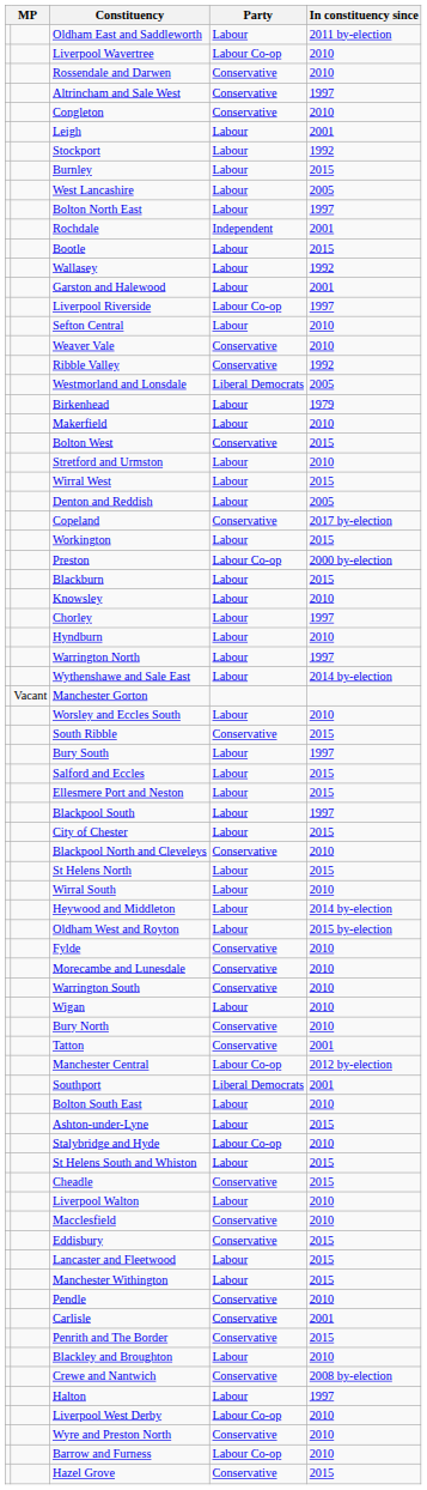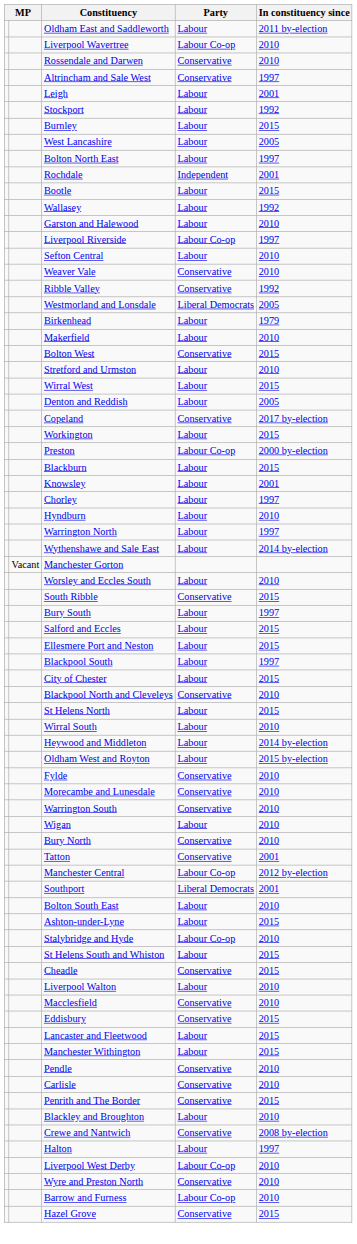 <table class="wikitable sortable">
 <tr>
 <th colspan=2>MP</th>
 <th>Constituency</th>
 <th>Party</th>
 <th>In constituency since</th>
 </tr>
 <tr>
 <td style="background-color: "></td>
 <td></td>
 <td><a href='#'>Oldham East and Saddleworth</a></td>
 <td><a href='#'>Labour</a></td>
 <td><a href='#'>2011 by-election</a></td>
 </tr>
 <tr>
 <td style="background-color: "></td>
 <td></td>
 <td><a href='#'>Liverpool Wavertree</a></td>
 <td><a href='#'>Labour Co-op</a></td>
 <td><a href='#'>2010</a></td>
 </tr>
 <tr>
 <td style="background-color: "></td>
 <td></td>
 <td><a href='#'>Rossendale and Darwen</a></td>
 <td><a href='#'>Conservative</a></td>
 <td><a href='#'>2010</a></td>
 </tr>
 <tr>
 <td style="background-color: "></td>
 <td></td>
 <td><a href='#'>Altrincham and Sale West</a></td>
 <td><a href='#'>Conservative</a></td>
 <td><a href='#'>1997</a></td>
-</tr>
-<tr>
-<td style="background-color: "></td>
-<td></td>
-<td><a href='#'>Congleton</a></td>
-<td><a href='#'>Conservative</a></td>
-<td><a href='#'>2010</a></td>
 </tr>
 <tr>
 <td style="background-color: "></td>
 <td></td>
 <td><a href='#'>Leigh</a></td>
 <td><a href='#'>Labour</a></td>
 <td><a href='#'>2001</a></td>
 </tr>
 <tr>
 <td style="background-color: "></td>
 <td></td>
 <td><a href='#'>Stockport</a></td>
 <td><a href='#'>Labour</a></td>
 <td><a href='#'>1992</a></td>
 </tr>
 <tr>
 <td style="background-color: "></td>
 <td></td>
 <td><a href='#'>Burnley</a></td>
 <td><a href='#'>Labour</a></td>
 <td><a href='#'>2015</a></td>
 </tr>
 <tr>
 <td style="background-color: "></td>
 <td></td>
 <td><a href='#'>West Lancashire</a></td>
 <td><a href='#'>Labour</a></td>
 <td><a href='#'>2005</a></td>
 </tr>
 <tr>
 <td style="background-color: "></td>
 <td></td>
 <td><a href='#'>Bolton North East</a></td>
 <td><a href='#'>Labour</a></td>
 <td><a href='#'>1997</a></td>
 </tr>
 <tr>
 <td style="background-color: "></td>
 <td></td>
 <td><a href='#'>Rochdale</a></td>
 <td><a href='#'>Independent</a></td>
 <td><a href='#'>2001</a></td>
 </tr>
 <tr>
 <td style="background-color: "></td>
 <td></td>
 <td><a href='#'>Bootle</a></td>
 <td><a href='#'>Labour</a></td>
 <td><a href='#'>2015</a></td>
 </tr>
 <tr>
 <td style="background-color: "></td>
 <td></td>
 <td><a href='#'>Wallasey</a></td>
 <td><a href='#'>Labour</a></td>
 <td><a href='#'>1992</a></td>
 </tr>
 <tr>
 <td style="background-color: "></td>
 <td></td>
 <td><a href='#'>Garston and Halewood</a></td>
 <td><a href='#'>Labour</a></td>
-<td><a href='#'>2001</a></td>
+<td><a href='#'>2010</a></td>
 </tr>
 <tr>
 <td style="background-color: "></td>
 <td></td>
 <td><a href='#'>Liverpool Riverside</a></td>
 <td><a href='#'>Labour Co-op</a></td>
 <td><a href='#'>1997</a></td>
 </tr>
 <tr>
 <td style="background-color: "></td>
 <td></td>
 <td><a href='#'>Sefton Central</a></td>
 <td><a href='#'>Labour</a></td>
 <td><a href='#'>2010</a></td>
 </tr>
 <tr>
 <td style="background-color: "></td>
 <td></td>
 <td><a href='#'>Weaver Vale</a></td>
 <td><a href='#'>Conservative</a></td>
 <td><a href='#'>2010</a></td>
 </tr>
 <tr>
 <td style="background-color: "></td>
 <td></td>
 <td><a href='#'>Ribble Valley</a></td>
 <td><a href='#'>Conservative</a></td>
 <td><a href='#'>1992</a></td>
 </tr>
 <tr>
 <td style="background-color: "></td>
 <td></td>
 <td><a href='#'>Westmorland and Lonsdale</a></td>
 <td><a href='#'>Liberal Democrats</a></td>
 <td><a href='#'>2005</a></td>
 </tr>
 <tr>
 <td style="background-color: "></td>
 <td></td>
 <td><a href='#'>Birkenhead</a></td>
 <td><a href='#'>Labour</a></td>
 <td><a href='#'>1979</a></td>
 </tr>
 <tr>
 <td style="background-color: "></td>
 <td></td>
 <td><a href='#'>Makerfield</a></td>
 <td><a href='#'>Labour</a></td>
 <td><a href='#'>2010</a></td>
 </tr>
 <tr>
 <td style="background-color: "></td>
 <td></td>
 <td><a href='#'>Bolton West</a></td>
 <td><a href='#'>Conservative</a></td>
 <td><a href='#'>2015</a></td>
 </tr>
 <tr>
 <td style="background-color: "></td>
 <td></td>
 <td><a href='#'>Stretford and Urmston</a></td>
 <td><a href='#'>Labour</a></td>
 <td><a href='#'>2010</a></td>
 </tr>
 <tr>
 <td style="background-color: "></td>
 <td></td>
 <td><a href='#'>Wirral West</a></td>
 <td><a href='#'>Labour</a></td>
 <td><a href='#'>2015</a></td>
 </tr>
 <tr>
 <td style="background-color: "></td>
 <td></td>
 <td><a href='#'>Denton and Reddish</a></td>
 <td><a href='#'>Labour</a></td>
 <td><a href='#'>2005</a></td>
 </tr>
 <tr>
 <td style="background-color: "></td>
 <td></td>
 <td><a href='#'>Copeland</a></td>
 <td><a href='#'>Conservative</a></td>
 <td><a href='#'>2017 by-election</a></td>
 </tr>
 <tr>
 <td style="background-color: "></td>
 <td></td>
 <td><a href='#'>Workington</a></td>
 <td><a href='#'>Labour</a></td>
 <td><a href='#'>2015</a></td>
 </tr>
 <tr>
 <td style="background-color: "></td>
 <td></td>
 <td><a href='#'>Preston</a></td>
 <td><a href='#'>Labour Co-op</a></td>
 <td><a href='#'>2000 by-election</a></td>
 </tr>
 <tr>
 <td style="background-color: "></td>
 <td></td>
 <td><a href='#'>Blackburn</a></td>
 <td><a href='#'>Labour</a></td>
 <td><a href='#'>2015</a></td>
 </tr>
 <tr>
 <td style="background-color: "></td>
 <td></td>
 <td><a href='#'>Knowsley</a></td>
 <td><a href='#'>Labour</a></td>
-<td><a href='#'>2010</a></td>
+<td><a href='#'>2001</a></td>
 </tr>
 <tr>
 <td style="background-color: "></td>
 <td></td>
 <td><a href='#'>Chorley</a></td>
 <td><a href='#'>Labour</a></td>
 <td><a href='#'>1997</a></td>
 </tr>
 <tr>
 <td style="background-color: "></td>
 <td></td>
 <td><a href='#'>Hyndburn</a></td>
 <td><a href='#'>Labour</a></td>
 <td><a href='#'>2010</a></td>
 </tr>
 <tr>
 <td style="background-color: "></td>
 <td></td>
 <td><a href='#'>Warrington North</a></td>
 <td><a href='#'>Labour</a></td>
 <td><a href='#'>1997</a></td>
 </tr>
 <tr>
 <td style="background-color: "></td>
 <td></td>
 <td><a href='#'>Wythenshawe and Sale East</a></td>
 <td><a href='#'>Labour</a></td>
 <td><a href='#'>2014 by-election</a></td>
 </tr>
 <tr>
 <td></td>
 <td>Vacant</td>
 <td><a href='#'>Manchester Gorton</a></td>
 <td></td>
 <td></td>
 </tr>
 <tr>
 <td style="background-color: "></td>
 <td></td>
 <td><a href='#'>Worsley and Eccles South</a></td>
 <td><a href='#'>Labour</a></td>
 <td><a href='#'>2010</a></td>
 </tr>
 <tr>
 <td style="background-color: "></td>
 <td></td>
 <td><a href='#'>South Ribble</a></td>
 <td><a href='#'>Conservative</a></td>
 <td><a href='#'>2015</a></td>
 </tr>
 <tr>
 <td style="background-color: "></td>
 <td></td>
 <td><a href='#'>Bury South</a></td>
 <td><a href='#'>Labour</a></td>
 <td><a href='#'>1997</a></td>
 </tr>
 <tr>
 <td style="background-color: "></td>
 <td></td>
 <td><a href='#'>Salford and Eccles</a></td>
 <td><a href='#'>Labour</a></td>
 <td><a href='#'>2015</a></td>
 </tr>
 <tr>
 <td style="background-color: "></td>
 <td></td>
 <td><a href='#'>Ellesmere Port and Neston</a></td>
 <td><a href='#'>Labour</a></td>
 <td><a href='#'>2015</a></td>
 </tr>
 <tr>
 <td style="background-color: "></td>
 <td></td>
 <td><a href='#'>Blackpool South</a></td>
 <td><a href='#'>Labour</a></td>
 <td><a href='#'>1997</a></td>
 </tr>
 <tr>
 <td style="background-color: "></td>
 <td></td>
 <td><a href='#'>City of Chester</a></td>
 <td><a href='#'>Labour</a></td>
 <td><a href='#'>2015</a></td>
 </tr>
 <tr>
 <td style="background-color: "></td>
 <td></td>
 <td><a href='#'>Blackpool North and Cleveleys</a></td>
 <td><a href='#'>Conservative</a></td>
 <td><a href='#'>2010</a></td>
 </tr>
 <tr>
 <td style="background-color: "></td>
 <td></td>
 <td><a href='#'>St Helens North</a></td>
 <td><a href='#'>Labour</a></td>
 <td><a href='#'>2015</a></td>
 </tr>
 <tr>
 <td style="background-color: "></td>
 <td></td>
 <td><a href='#'>Wirral South</a></td>
 <td><a href='#'>Labour</a></td>
 <td><a href='#'>2010</a></td>
 </tr>
 <tr>
 <td style="background-color: "></td>
 <td></td>
 <td><a href='#'>Heywood and Middleton</a></td>
 <td><a href='#'>Labour</a></td>
 <td><a href='#'>2014 by-election</a></td>
 </tr>
 <tr>
 <td style="background-color: "></td>
 <td></td>
 <td><a href='#'>Oldham West and Royton</a></td>
 <td><a href='#'>Labour</a></td>
 <td><a href='#'>2015 by-election</a></td>
 </tr>
 <tr>
 <td style="background-color: "></td>
 <td></td>
 <td><a href='#'>Fylde</a></td>
 <td><a href='#'>Conservative</a></td>
 <td><a href='#'>2010</a></td>
 </tr>
 <tr>
 <td style="background-color: "></td>
 <td></td>
 <td><a href='#'>Morecambe and Lunesdale</a></td>
 <td><a href='#'>Conservative</a></td>
 <td><a href='#'>2010</a></td>
 </tr>
 <tr>
 <td style="background-color: "></td>
 <td></td>
 <td><a href='#'>Warrington South</a></td>
 <td><a href='#'>Conservative</a></td>
 <td><a href='#'>2010</a></td>
 </tr>
 <tr>
 <td style="background-color: "></td>
 <td></td>
 <td><a href='#'>Wigan</a></td>
 <td><a href='#'>Labour</a></td>
 <td><a href='#'>2010</a></td>
 </tr>
 <tr>
 <td style="background-color: "></td>
 <td></td>
 <td><a href='#'>Bury North</a></td>
 <td><a href='#'>Conservative</a></td>
 <td><a href='#'>2010</a></td>
 </tr>
 <tr>
 <td style="background-color: "></td>
 <td></td>
 <td><a href='#'>Tatton</a></td>
 <td><a href='#'>Conservative</a></td>
 <td><a href='#'>2001</a></td>
 </tr>
 <tr>
 <td style="background-color: "></td>
 <td></td>
 <td><a href='#'>Manchester Central</a></td>
 <td><a href='#'>Labour Co-op</a></td>
 <td><a href='#'>2012 by-election</a></td>
 </tr>
 <tr>
 <td style="background-color: "></td>
 <td></td>
 <td><a href='#'>Southport</a></td>
 <td><a href='#'>Liberal Democrats</a></td>
 <td><a href='#'>2001</a></td>
 </tr>
 <tr>
 <td style="background-color: "></td>
 <td></td>
 <td><a href='#'>Bolton South East</a></td>
 <td><a href='#'>Labour</a></td>
 <td><a href='#'>2010</a></td>
 </tr>
 <tr>
 <td style="background-color: "></td>
 <td></td>
 <td><a href='#'>Ashton-under-Lyne</a></td>
 <td><a href='#'>Labour</a></td>
 <td><a href='#'>2015</a></td>
 </tr>
 <tr>
 <td style="background-color: "></td>
 <td></td>
 <td><a href='#'>Stalybridge and Hyde</a></td>
 <td><a href='#'>Labour Co-op</a></td>
 <td><a href='#'>2010</a></td>
 </tr>
 <tr>
 <td style="background-color: "></td>
 <td></td>
 <td><a href='#'>St Helens South and Whiston</a></td>
 <td><a href='#'>Labour</a></td>
 <td><a href='#'>2015</a></td>
 </tr>
 <tr>
 <td style="background-color: "></td>
 <td></td>
 <td><a href='#'>Cheadle</a></td>
 <td><a href='#'>Conservative</a></td>
 <td><a href='#'>2015</a></td>
 </tr>
 <tr>
 <td style="background-color: "></td>
 <td></td>
 <td><a href='#'>Liverpool Walton</a></td>
 <td><a href='#'>Labour</a></td>
 <td><a href='#'>2010</a></td>
 </tr>
 <tr>
 <td style="background-color: "></td>
 <td></td>
 <td><a href='#'>Macclesfield</a></td>
 <td><a href='#'>Conservative</a></td>
 <td><a href='#'>2010</a></td>
 </tr>
 <tr>
 <td style="background-color: "></td>
 <td></td>
 <td><a href='#'>Eddisbury</a></td>
 <td><a href='#'>Conservative</a></td>
 <td><a href='#'>2015</a></td>
 </tr>
 <tr>
 <td style="background-color: "></td>
 <td></td>
 <td><a href='#'>Lancaster and Fleetwood</a></td>
 <td><a href='#'>Labour</a></td>
 <td><a href='#'>2015</a></td>
 </tr>
 <tr>
 <td style="background-color: "></td>
 <td></td>
 <td><a href='#'>Manchester Withington</a></td>
 <td><a href='#'>Labour</a></td>
 <td><a href='#'>2015</a></td>
 </tr>
 <tr>
 <td style="background-color: "></td>
 <td></td>
 <td><a href='#'>Pendle</a></td>
 <td><a href='#'>Conservative</a></td>
 <td><a href='#'>2010</a></td>
 </tr>
 <tr>
 <td style="background-color: "></td>
 <td></td>
 <td><a href='#'>Carlisle</a></td>
 <td><a href='#'>Conservative</a></td>
-<td><a href='#'>2001</a></td>
+<td><a href='#'>2010</a></td>
 </tr>
 <tr>
 <td style="background-color: "></td>
 <td></td>
 <td><a href='#'>Penrith and The Border</a></td>
 <td><a href='#'>Conservative</a></td>
 <td><a href='#'>2015</a></td>
 </tr>
 <tr>
 <td style="background-color: "></td>
 <td></td>
 <td><a href='#'>Blackley and Broughton</a></td>
 <td><a href='#'>Labour</a></td>
 <td><a href='#'>2010</a></td>
 </tr>
 <tr>
 <td style="background-color: "></td>
 <td></td>
 <td><a href='#'>Crewe and Nantwich</a></td>
 <td><a href='#'>Conservative</a></td>
 <td><a href='#'>2008 by-election</a></td>
 </tr>
 <tr>
 <td style="background-color: "></td>
 <td></td>
 <td><a href='#'>Halton</a></td>
 <td><a href='#'>Labour</a></td>
 <td><a href='#'>1997</a></td>
 </tr>
 <tr>
 <td style="background-color: "></td>
 <td></td>
 <td><a href='#'>Liverpool West Derby</a></td>
 <td><a href='#'>Labour Co-op</a></td>
 <td><a href='#'>2010</a></td>
 </tr>
 <tr>
 <td style="background-color: "></td>
 <td></td>
 <td><a href='#'>Wyre and Preston North</a></td>
 <td><a href='#'>Conservative</a></td>
 <td><a href='#'>2010</a></td>
 </tr>
 <tr>
 <td style="background-color: "></td>
 <td></td>
 <td><a href='#'>Barrow and Furness</a></td>
 <td><a href='#'>Labour Co-op</a></td>
 <td><a href='#'>2010</a></td>
 </tr>
 <tr>
 <td style="background-color: "></td>
 <td></td>
 <td><a href='#'>Hazel Grove</a></td>
 <td><a href='#'>Conservative</a></td>
 <td><a href='#'>2015</a></td>
 </tr>
 </table>
